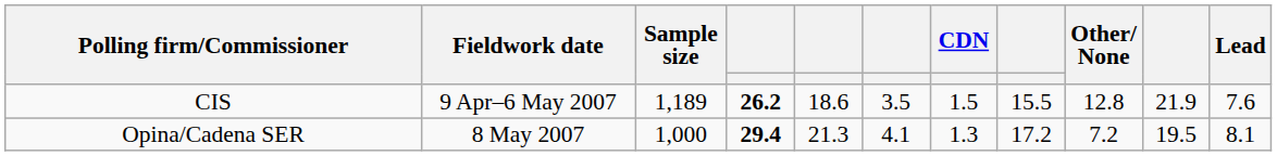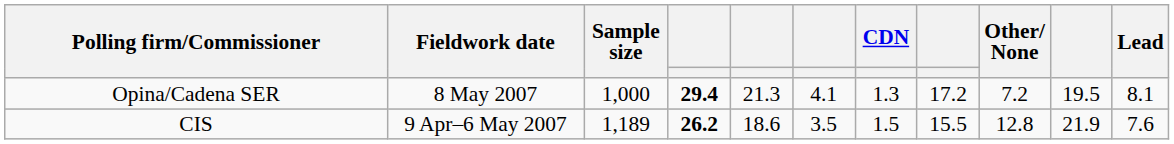 <table class="wikitable collapsible collapsed" style="text-align:center; font-size:90%; line-height:14px;">
 <tr style="height:42px;">
 <th style="width:250px;" rowspan="2">Polling firm/Commissioner</th>
 <th style="width:125px;" rowspan="2">Fieldwork date</th>
 <th style="width:50px;" rowspan="2">Sample size</th>
 <th style="width:35px;"></th>
 <th style="width:35px;"></th>
 <th style="width:35px;"></th>
 <th style="width:35px;"><a href='#'>CDN</a></th>
 <th style="width:35px;"></th>
 <th style="width:35px;" rowspan="2">Other/<br>None</th>
 <th style="width:35px;" rowspan="2"></th>
 <th style="width:30px;" rowspan="2">Lead</th>
 </tr>
 <tr>
 <th style="color:inherit;background:"></th>
 <th style="color:inherit;background:"></th>
 <th style="color:inherit;background:"></th>
 <th style="color:inherit;background:"></th>
 <th style="color:inherit;background:"></th>
 </tr>
 <tr>
+<td>Opina/Cadena SER</td>
+<td>8 May 2007</td>
+<td>1,000</td>
+<td><strong>29.4</strong></td>
+<td>21.3</td>
+<td>4.1</td>
+<td>1.3</td>
+<td>17.2</td>
+<td>7.2</td>
+<td>19.5</td>
+<td style="background:">8.1</td>
+</tr>
+<tr>
 <td>CIS</td>
 <td>9 Apr–6 May 2007</td>
 <td>1,189</td>
 <td><strong>26.2</strong></td>
 <td>18.6</td>
 <td>3.5</td>
 <td>1.5</td>
 <td>15.5</td>
 <td>12.8</td>
 <td>21.9</td>
 <td style="background:">7.6</td>
 </tr>
-<tr>
-<td>Opina/Cadena SER</td>
-<td>8 May 2007</td>
-<td>1,000</td>
-<td><strong>29.4</strong></td>
-<td>21.3</td>
-<td>4.1</td>
-<td>1.3</td>
-<td>17.2</td>
-<td>7.2</td>
-<td>19.5</td>
-<td style="background:">8.1</td>
-</tr>
 </table>
